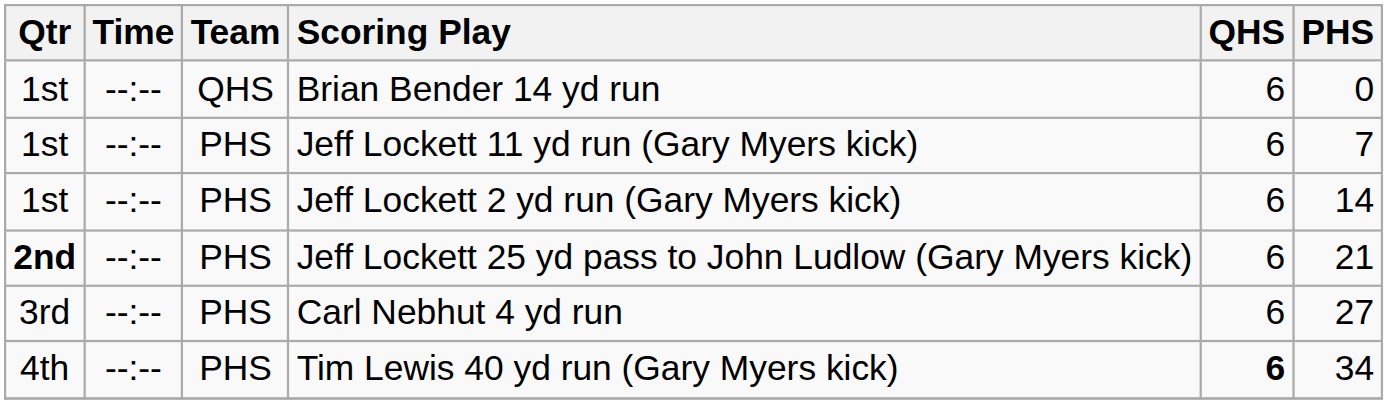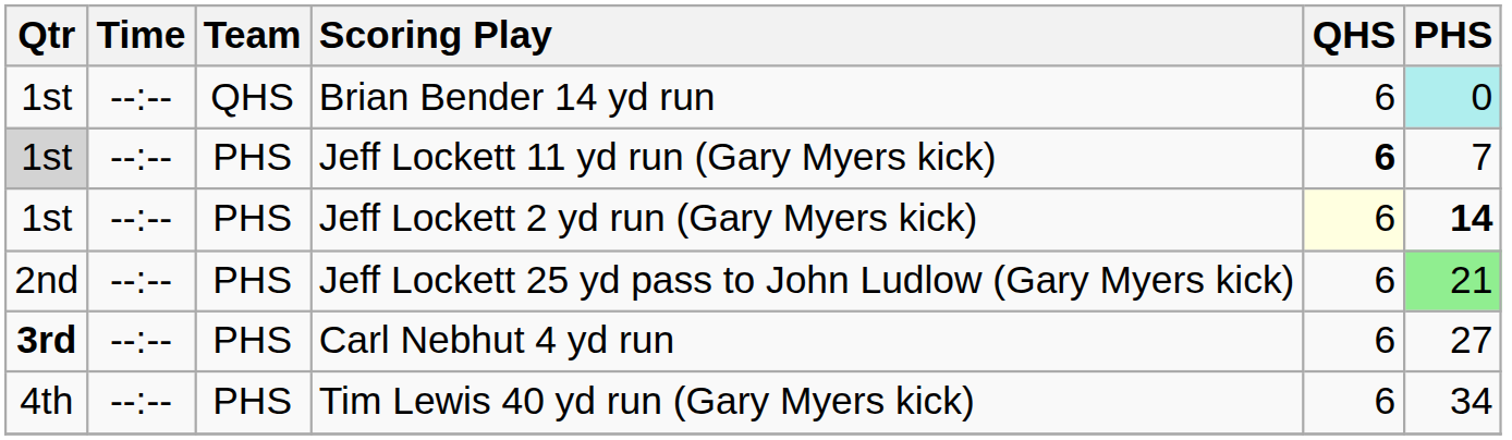 <table class="wikitable">
 <tr>
 <th style="text-align: center;">Qtr</th>
 <th style="text-align: center;">Time</th>
 <th style="text-align: center;">Team</th>
 <th style="text-align: left;">Scoring Play</th>
 <th style="text-align: right;">QHS</th>
 <th style="text-align: right;">PHS</th>
 </tr>
 <tr>
 <td style="text-align: center;">1st</td>
 <td style="text-align: center;">--:--</td>
 <td style="text-align: center;">QHS</td>
 <td style="text-align: left;">Brian Bender 14 yd run</td>
 <td style="text-align: right;">6</td>
-<td style="text-align: right;">0</td>
+<td style="background: paleturquoise; text-align: right;">0</td>
 </tr>
 <tr>
-<td style="text-align: center;">1st</td>
+<td style="background: lightgrey; text-align: center;">1st</td>
 <td style="text-align: center;">--:--</td>
 <td style="text-align: center;">PHS</td>
 <td style="text-align: left;">Jeff Lockett 11 yd run (Gary Myers kick)</td>
-<td style="text-align: right;">6</td>
+<td style="text-align: right;"><strong>6</strong></td>
 <td style="text-align: right;">7</td>
 </tr>
 <tr>
 <td style="text-align: center;">1st</td>
 <td style="text-align: center;">--:--</td>
 <td style="text-align: center;">PHS</td>
 <td style="text-align: left;">Jeff Lockett 2 yd run (Gary Myers kick)</td>
-<td style="text-align: right;">6</td>
-<td style="text-align: right;">14</td>
+<td style="background: lightyellow; text-align: right;">6</td>
+<td style="text-align: right;"><strong>14</strong></td>
 </tr>
 <tr>
-<td style="text-align: center;"><strong>2nd</strong></td>
+<td style="text-align: center;">2nd</td>
 <td style="text-align: center;">--:--</td>
 <td style="text-align: center;">PHS</td>
 <td style="text-align: left;">Jeff Lockett 25 yd pass to John Ludlow (Gary Myers kick)</td>
 <td style="text-align: right;">6</td>
-<td style="text-align: right;">21</td>
+<td style="background: lightgreen; text-align: right;">21</td>
 </tr>
 <tr>
-<td style="text-align: center;">3rd</td>
+<td style="text-align: center;"><strong>3rd</strong></td>
 <td style="text-align: center;">--:--</td>
 <td style="text-align: center;">PHS</td>
 <td style="text-align: left;">Carl Nebhut 4 yd run</td>
 <td style="text-align: right;">6</td>
 <td style="text-align: right;">27</td>
 </tr>
 <tr>
 <td style="text-align: center;">4th</td>
 <td style="text-align: center;">--:--</td>
 <td style="text-align: center;">PHS</td>
 <td style="text-align: left;">Tim Lewis 40 yd run (Gary Myers kick)</td>
-<td style="text-align: right;"><strong>6</strong></td>
+<td style="text-align: right;">6</td>
 <td style="text-align: right;">34</td>
 </tr>
 <tr>
 </tr>
 </table>
